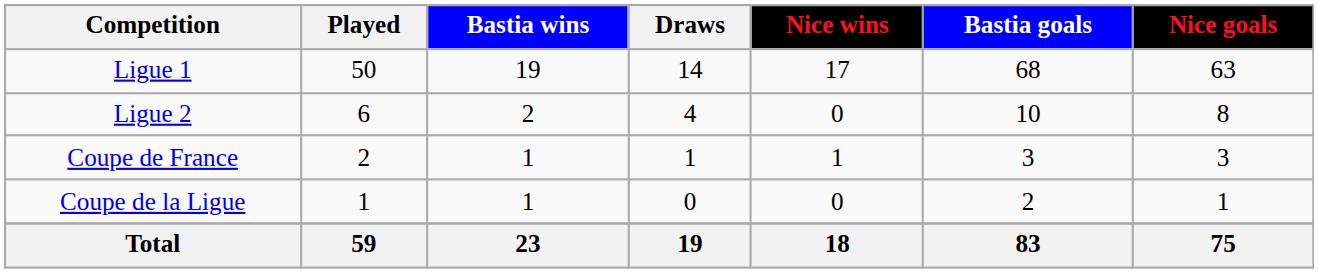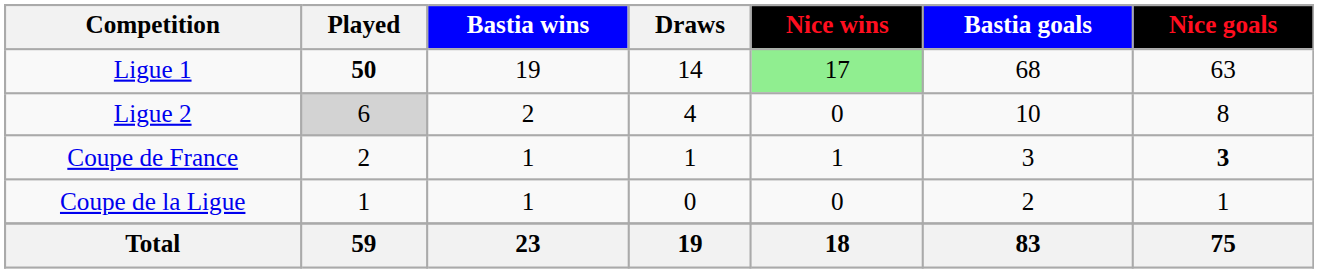 <table class="wikitable" style="text-align: center; width: 100%; font-size: 12px">
 <tr>
 <th>Competition</th>
 <th>Played</th>
 <th style="background:#0000FF; color:white">Bastia wins</th>
 <th>Draws</th>
 <th style="background:#000000; color:#FF0E1F">Nice wins</th>
 <th style="background:#0000FF; color:white">Bastia goals</th>
 <th style="background:#000000; color:#FF0E1F">Nice goals</th>
 </tr>
 <tr>
 <td><a href='#'>Ligue 1</a></td>
-<td>50</td>
+<td><strong>50</strong></td>
 <td>19</td>
 <td>14</td>
-<td>17</td>
+<td style="background: lightgreen;">17</td>
 <td>68</td>
 <td>63</td>
 </tr>
 <tr>
 <td><a href='#'>Ligue 2</a></td>
-<td>6</td>
+<td style="background: lightgrey;">6</td>
 <td>2</td>
 <td>4</td>
 <td>0</td>
 <td>10</td>
 <td>8</td>
 </tr>
 <tr>
 <td><a href='#'>Coupe de France</a></td>
 <td>2</td>
 <td>1</td>
 <td>1</td>
 <td>1</td>
 <td>3</td>
-<td>3</td>
+<td><strong>3</strong></td>
 </tr>
 <tr>
 <td><a href='#'>Coupe de la Ligue</a></td>
 <td>1</td>
 <td>1</td>
 <td>0</td>
 <td>0</td>
 <td>2</td>
 <td>1</td>
 </tr>
 <tr>
 </tr>
 <tr class="sortbottom">
 <th>Total</th>
 <th>59</th>
 <th>23</th>
 <th>19</th>
 <th>18</th>
 <th>83</th>
 <th>75</th>
 </tr>
 </table>
